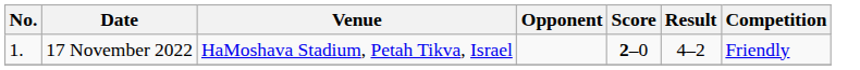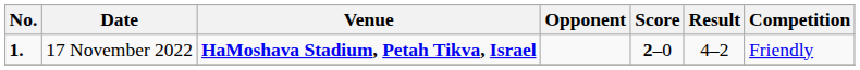 <table class="wikitable">
 <tr>
 <th>No.</th>
 <th>Date</th>
 <th>Venue</th>
 <th>Opponent</th>
 <th>Score</th>
 <th>Result</th>
 <th>Competition</th>
 </tr>
 <tr>
-<td>1.</td>
+<td><strong>1.</strong></td>
 <td>17 November 2022</td>
-<td><a href='#'>HaMoshava Stadium</a>, <a href='#'>Petah Tikva</a>, <a href='#'>Israel</a></td>
+<td><strong><a href='#'>HaMoshava Stadium</a>, <a href='#'>Petah Tikva</a>, <a href='#'>Israel</a></strong></td>
 <td></td>
 <td align=center><strong>2</strong>–0</td>
 <td align=center>4–2</td>
 <td><a href='#'>Friendly</a></td>
 </tr>
 <tr>
 </tr>
 </table>
